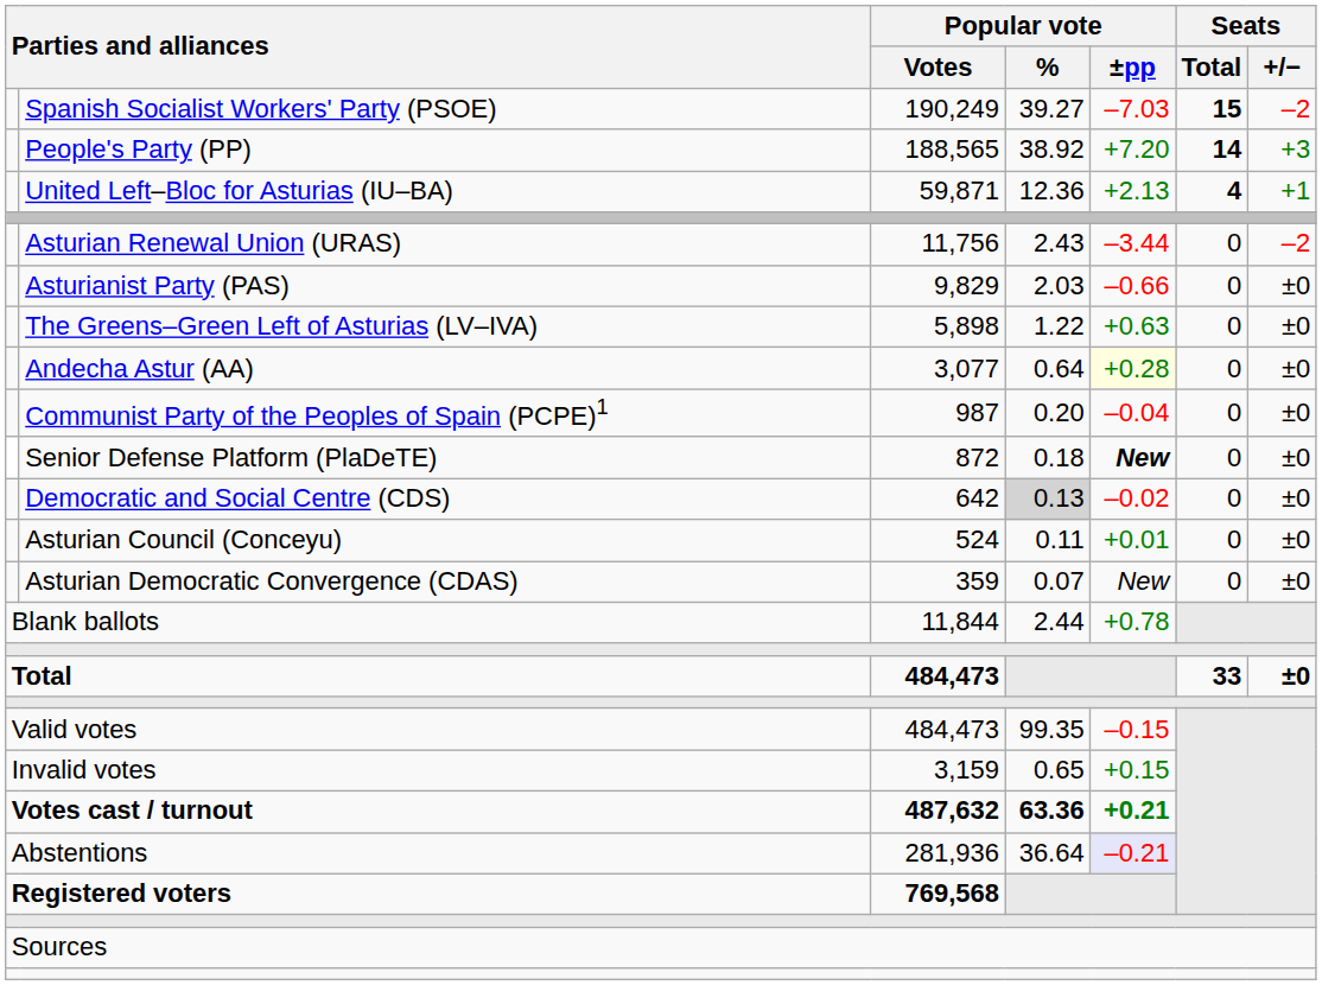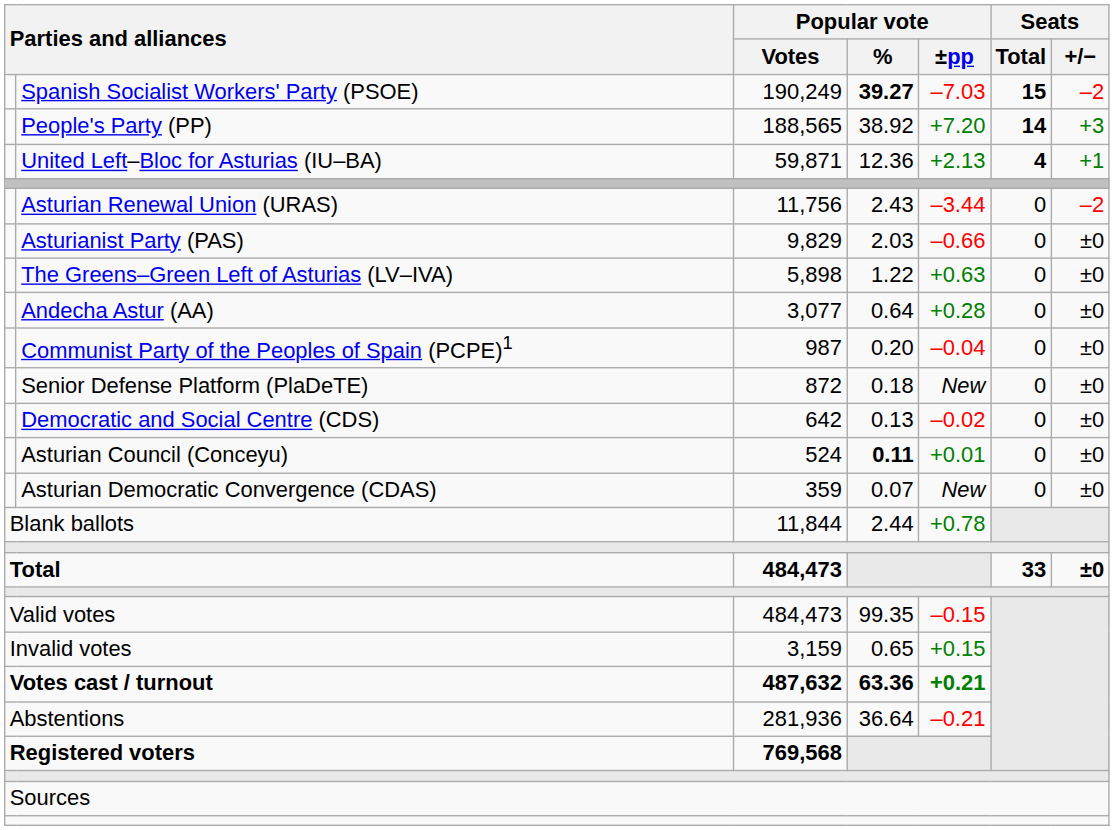 <table class="wikitable" style="text-align:right;">
 <tr>
 <th style="text-align:left;" rowspan="2" colspan="2" width="525">Parties and alliances</th>
 <th colspan="3">Popular vote</th>
 <th colspan="2">Seats</th>
 </tr>
 <tr>
 <th width="75">Votes</th>
 <th width="45">%</th>
 <th width="45">±<a href='#'>pp</a></th>
 <th width="35">Total</th>
 <th width="35">+/−</th>
 </tr>
 <tr>
 <td width="1" style="color:inherit;background:"></td>
 <td align="left"><a href='#'>Spanish Socialist Workers' Party</a> (PSOE)</td>
 <td>190,249</td>
-<td>39.27</td>
+<td><strong>39.27</strong></td>
 <td style="color:red;">–7.03</td>
 <td><strong>15</strong></td>
 <td style="color:red;">–2</td>
 </tr>
 <tr>
 <td style="color:inherit;background:"></td>
 <td align="left"><a href='#'>People's Party</a> (PP)</td>
 <td>188,565</td>
 <td>38.92</td>
 <td style="color:green;">+7.20</td>
 <td><strong>14</strong></td>
 <td style="color:green;">+3</td>
 </tr>
 <tr>
 <td style="color:inherit;background:"></td>
 <td align="left"><a href='#'>United Left</a>–<a href='#'>Bloc for Asturias</a> (IU–BA)</td>
 <td>59,871</td>
 <td>12.36</td>
 <td style="color:green;">+2.13</td>
 <td><strong>4</strong></td>
 <td style="color:green;">+1</td>
 </tr>
 <tr>
 <td colspan="7" bgcolor="#C0C0C0"></td>
 </tr>
 <tr>
 <td style="color:inherit;background:"></td>
 <td align="left"><a href='#'>Asturian Renewal Union</a> (URAS)</td>
 <td>11,756</td>
 <td>2.43</td>
 <td style="color:red;">–3.44</td>
 <td>0</td>
 <td style="color:red;">–2</td>
 </tr>
 <tr>
 <td style="color:inherit;background:"></td>
 <td align="left"><a href='#'>Asturianist Party</a> (PAS)</td>
 <td>9,829</td>
 <td>2.03</td>
 <td style="color:red;">–0.66</td>
 <td>0</td>
 <td>±0</td>
 </tr>
 <tr>
 <td style="color:inherit;background:"></td>
 <td align="left"><a href='#'>The Greens–Green Left of Asturias</a> (LV–IVA)</td>
 <td>5,898</td>
 <td>1.22</td>
 <td style="color:green;">+0.63</td>
 <td>0</td>
 <td>±0</td>
 </tr>
 <tr>
 <td style="color:inherit;background:"></td>
 <td align="left"><a href='#'>Andecha Astur</a> (AA)</td>
 <td>3,077</td>
 <td>0.64</td>
-<td style="background: lightyellow; color:green;">+0.28</td>
+<td style="color:green;">+0.28</td>
 <td>0</td>
 <td>±0</td>
 </tr>
 <tr>
 <td style="color:inherit;background:"></td>
 <td align="left"><a href='#'>Communist Party of the Peoples of Spain</a> (PCPE)<sup>1</sup></td>
 <td>987</td>
 <td>0.20</td>
 <td style="color:red;">–0.04</td>
 <td>0</td>
 <td>±0</td>
 </tr>
 <tr>
 <td bgcolor="white"></td>
 <td align="left">Senior Defense Platform (PlaDeTE)</td>
 <td>872</td>
 <td>0.18</td>
-<td><strong><em>New</em></strong></td>
+<td><em>New</em></td>
 <td>0</td>
 <td>±0</td>
 </tr>
 <tr>
 <td style="color:inherit;background:"></td>
 <td align="left"><a href='#'>Democratic and Social Centre</a> (CDS)</td>
 <td>642</td>
-<td style="background: lightgrey;">0.13</td>
+<td>0.13</td>
 <td style="color:red;">–0.02</td>
 <td>0</td>
 <td>±0</td>
 </tr>
 <tr>
 <td style="color:inherit;background:"></td>
 <td align="left">Asturian Council (Conceyu)</td>
 <td>524</td>
-<td>0.11</td>
+<td><strong>0.11</strong></td>
 <td style="color:green;">+0.01</td>
 <td>0</td>
 <td>±0</td>
 </tr>
 <tr>
 <td style="color:inherit;background:"></td>
 <td align="left">Asturian Democratic Convergence (CDAS)</td>
 <td>359</td>
 <td>0.07</td>
 <td><em>New</em></td>
 <td>0</td>
 <td>±0</td>
 </tr>
 <tr>
 <td align="left" colspan="2">Blank ballots</td>
 <td>11,844</td>
 <td>2.44</td>
 <td style="color:green;">+0.78</td>
 <td bgcolor="#E9E9E9" colspan="2"></td>
 </tr>
 <tr>
 <td colspan="7" bgcolor="#E9E9E9"></td>
 </tr>
 <tr style="font-weight:bold;">
 <td align="left" colspan="2">Total</td>
 <td>484,473</td>
 <td bgcolor="#E9E9E9" colspan="2"></td>
 <td>33</td>
 <td>±0</td>
 </tr>
 <tr>
 <td colspan="7" bgcolor="#E9E9E9"></td>
 </tr>
 <tr>
 <td align="left" colspan="2">Valid votes</td>
 <td>484,473</td>
 <td>99.35</td>
 <td style="color:red;">–0.15</td>
 <td bgcolor="#E9E9E9" colspan="2" rowspan="5"></td>
 </tr>
 <tr>
 <td align="left" colspan="2">Invalid votes</td>
 <td>3,159</td>
 <td>0.65</td>
 <td style="color:green;">+0.15</td>
 </tr>
 <tr style="font-weight:bold;">
 <td align="left" colspan="2">Votes cast / turnout</td>
 <td>487,632</td>
 <td>63.36</td>
 <td style="color:green;">+0.21</td>
 </tr>
 <tr>
 <td align="left" colspan="2">Abstentions</td>
 <td>281,936</td>
 <td>36.64</td>
-<td style="background: lavender; color:red;">–0.21</td>
+<td style="color:red;">–0.21</td>
 </tr>
 <tr style="font-weight:bold;">
 <td align="left" colspan="2">Registered voters</td>
 <td>769,568</td>
 <td bgcolor="#E9E9E9" colspan="2"></td>
 </tr>
 <tr>
 <td colspan="7" bgcolor="#E9E9E9"></td>
 </tr>
 <tr>
 <td align="left" colspan="7">Sources</td>
 </tr>
 <tr>
 <td colspan="7" style="text-align:left; max-width:790px;"></td>
 </tr>
 </table>
